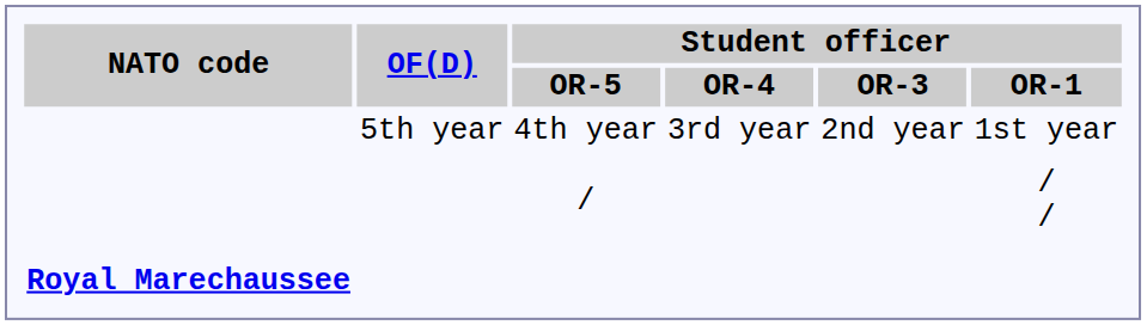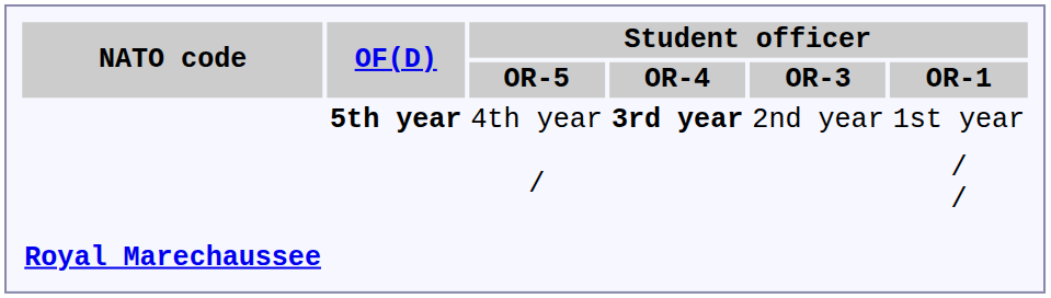 <table style="border:1px solid #8888aa; background-color:#f7f8ff; padding:5px; font-size:95%; margin: 0px 12px 12px 0px;">
 <tr style="background-color:#CCCCCC;">
 <th rowspan=2>NATO code</th>
 <th rowspan=2><a href='#'>OF(D)</a></th>
 <th colspan=6>Student officer</th>
 </tr>
 <tr style="background-color:#CCCCCC;">
 <th>OR-5</th>
 <th>OR-4</th>
 <th colspan=2>OR-3</th>
 <th colspan=2>OR-1</th>
 </tr>
 <tr style="text-align:center;">
 <th></th>
-<td colspan=1>5th year</td>
+<td colspan=1><strong>5th year</strong></td>
 <td colspan=1>4th year</td>
-<td colspan=1>3rd year</td>
+<td colspan=1><strong>3rd year</strong></td>
 <td colspan=2>2nd year</td>
 <td colspan=2>1st year</td>
 </tr>
 <tr style="text-align:center;">
 <td rowspan=2><strong></strong></td>
 <td colspan=1></td>
 <td colspan=1></td>
 <td colspan=1></td>
 <td colspan=2></td>
 <td colspan=2></td>
 </tr>
 <tr style="text-align:center;">
 <td colspan=1></td>
 <td colspan=1>/<br></td>
 <td colspan=1></td>
 <td colspan=2></td>
 <td colspan=2>/<br>/<br></td>
 </tr>
 <tr style="text-align:center;">
 <td rowspan=2><strong></strong></td>
 <td colspan=1></td>
 <td colspan=1></td>
 <td colspan=1></td>
 <td colspan=2></td>
 <td colspan=2></td>
 </tr>
 <tr style="text-align:center;">
 <td colspan=1></td>
 <td colspan=1></td>
 <td colspan=1></td>
 <td colspan=2></td>
 <td colspan=2></td>
 </tr>
 <tr style="text-align:center;">
 <td rowspan=2><strong> <a href='#'>Royal Marechaussee</a></strong></td>
 <td colspan=1></td>
 <td colspan=1></td>
 <td colspan=1></td>
 <td colspan=2></td>
 <td colspan=2></td>
 </tr>
 <tr style="text-align:center;">
 <td colspan=1></td>
 <td colspan=1></td>
 <td colspan=1></td>
 <td colspan=2></td>
 <td colspan=2></td>
 </tr>
 </table>
